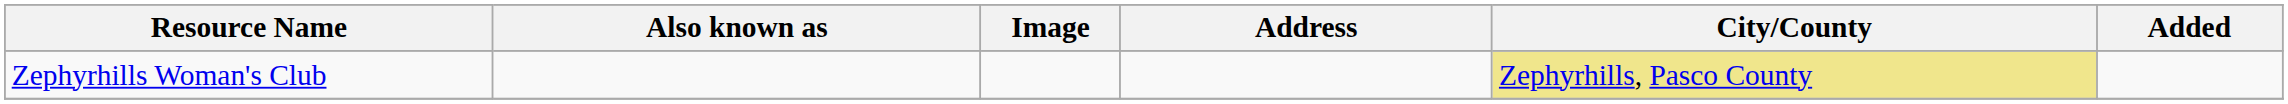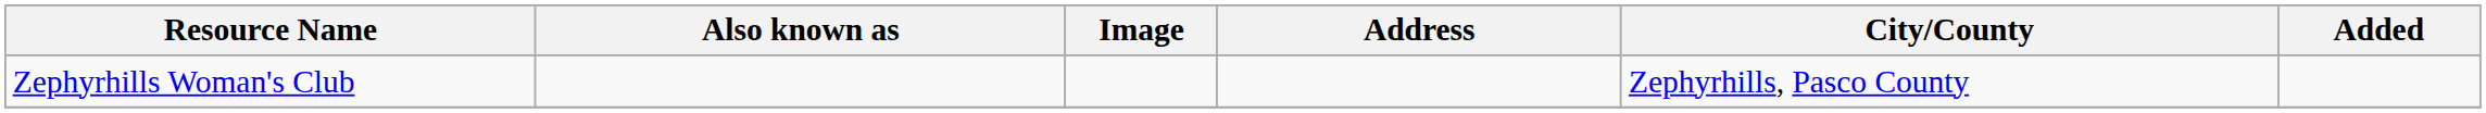 <table class="wikitable sortable" style="width:98%">
 <tr>
 <th width = 21%><strong>Resource Name</strong></th>
 <th width = 21%><strong>Also known as</strong></th>
 <th width = 6% class="unsortable"><strong>Image</strong></th>
 <th width = 16%><strong>Address</strong></th>
 <th width = 26%><strong>City/County</strong></th>
 <th width = 8%><strong>Added</strong></th>
 </tr>
 <tr ->
 <td><a href='#'>Zephyrhills Woman's Club</a></td>
 <td></td>
 <td></td>
 <td></td>
-<td style="background: khaki;"><a href='#'>Zephyrhills</a>, <a href='#'>Pasco County</a></td>
+<td><a href='#'>Zephyrhills</a>, <a href='#'>Pasco County</a></td>
 <td></td>
 </tr>
 <tr ->
 </tr>
 </table>
